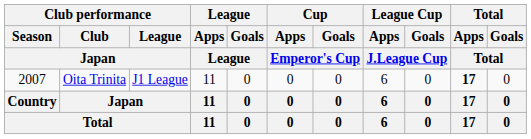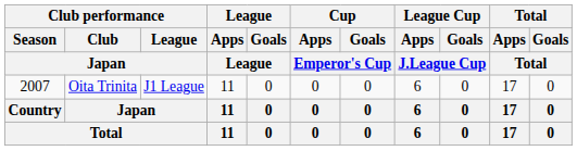 <table class="wikitable" style="text-align:center;">
 <tr>
 <th colspan=3>Club performance</th>
 <th colspan=2>League</th>
 <th colspan=2>Cup</th>
 <th colspan=2>League Cup</th>
 <th colspan=2>Total</th>
 </tr>
 <tr>
 <th>Season</th>
 <th>Club</th>
 <th>League</th>
 <th>Apps</th>
 <th>Goals</th>
 <th>Apps</th>
 <th>Goals</th>
 <th>Apps</th>
 <th>Goals</th>
 <th>Apps</th>
 <th>Goals</th>
 </tr>
 <tr>
 <th colspan=3>Japan</th>
 <th colspan=2>League</th>
 <th colspan=2><a href='#'>Emperor's Cup</a></th>
 <th colspan=2><a href='#'>J.League Cup</a></th>
 <th colspan=2>Total</th>
 </tr>
 <tr>
 <td>2007</td>
 <td><a href='#'>Oita Trinita</a></td>
 <td><a href='#'>J1 League</a></td>
 <td>11</td>
 <td>0</td>
 <td>0</td>
 <td>0</td>
 <td>6</td>
 <td>0</td>
-<td><strong>17</strong></td>
+<td>17</td>
 <td>0</td>
 </tr>
 <tr>
 <th rowspan=1>Country</th>
 <th colspan=2>Japan</th>
 <th>11</th>
 <th>0</th>
 <th>0</th>
 <th>0</th>
 <th>6</th>
 <th>0</th>
 <th>17</th>
 <th>0</th>
 </tr>
 <tr>
 <th colspan=3>Total</th>
 <th>11</th>
 <th>0</th>
 <th>0</th>
 <th>0</th>
 <th>6</th>
 <th>0</th>
 <th>17</th>
 <th>0</th>
 </tr>
 </table>
